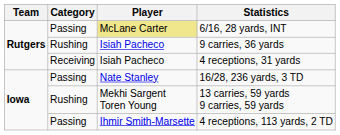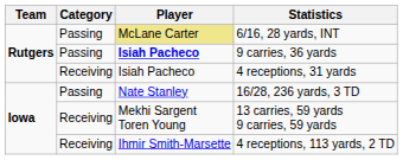 <table class="wikitable" style="float: left;">
 <tr>
 <th>Team</th>
 <th>Category</th>
 <th>Player</th>
 <th>Statistics</th>
 </tr>
 <tr>
 <td rowspan=3><strong>Rutgers</strong></td>
 <td>Passing</td>
 <td style="background: khaki;">McLane Carter</td>
 <td>6/16, 28 yards, INT</td>
 </tr>
 <tr>
-<td>Rushing</td>
-<td><a href='#'>Isiah Pacheco</a></td>
+<td>Passing</td>
+<td><strong><a href='#'>Isiah Pacheco</a></strong></td>
 <td>9 carries, 36 yards</td>
 </tr>
 <tr>
 <td>Receiving</td>
 <td>Isiah Pacheco</td>
 <td>4 receptions, 31 yards</td>
 </tr>
 <tr>
 <td rowspan=3><strong>Iowa</strong></td>
 <td>Passing</td>
 <td><a href='#'>Nate Stanley</a></td>
 <td>16/28, 236 yards, 3 TD</td>
 </tr>
 <tr>
-<td>Rushing</td>
+<td>Receiving</td>
 <td>Mekhi Sargent<br>Toren Young</td>
 <td>13 carries, 59 yards<br>9 carries, 59 yards</td>
 </tr>
 <tr>
-<td>Passing</td>
+<td>Receiving</td>
 <td><a href='#'>Ihmir Smith-Marsette</a></td>
 <td>4 receptions, 113 yards, 2 TD</td>
 </tr>
 </table>
